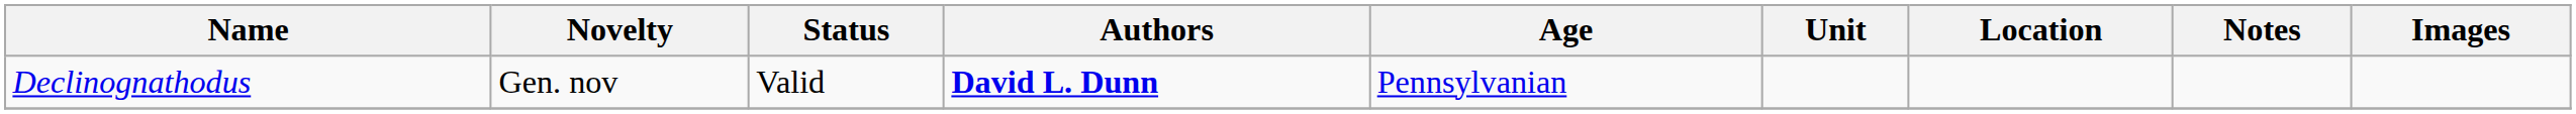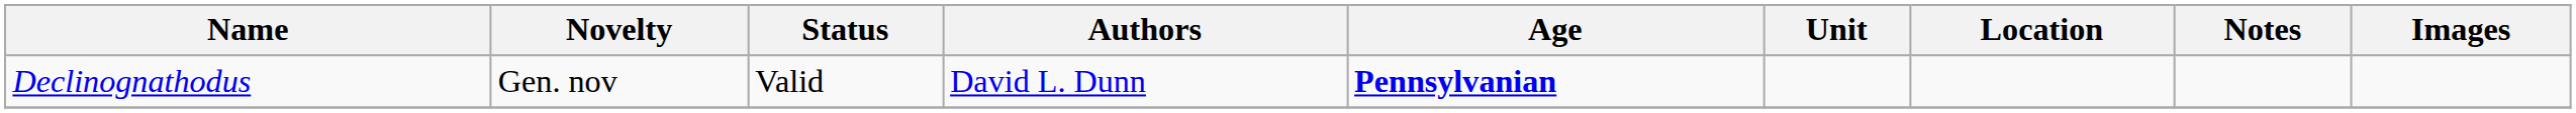 <table class="wikitable sortable" align="center" width="100%">
 <tr>
 <th>Name</th>
 <th>Novelty</th>
 <th>Status</th>
 <th>Authors</th>
 <th>Age</th>
 <th>Unit</th>
 <th>Location</th>
 <th>Notes</th>
 <th>Images</th>
 </tr>
 <tr>
 <td><em><a href='#'>Declinognathodus</a></em></td>
 <td>Gen. nov</td>
 <td>Valid</td>
-<td><strong><a href='#'>David L. Dunn</a></strong></td>
-<td><a href='#'>Pennsylvanian</a></td>
+<td><a href='#'>David L. Dunn</a></td>
+<td><strong><a href='#'>Pennsylvanian</a></strong></td>
 <td></td>
 <td></td>
 <td></td>
 <td></td>
 </tr>
 <tr>
 </tr>
 </table>
